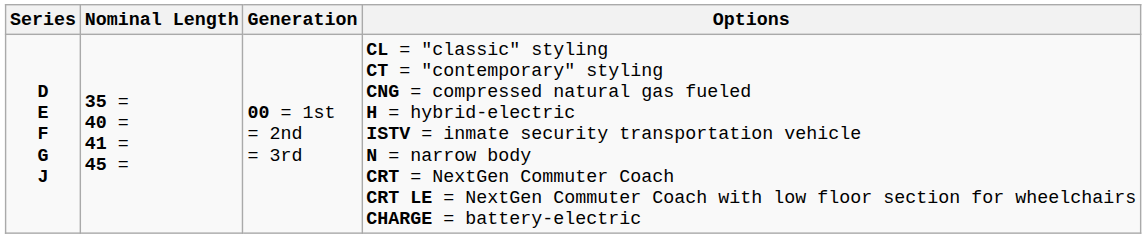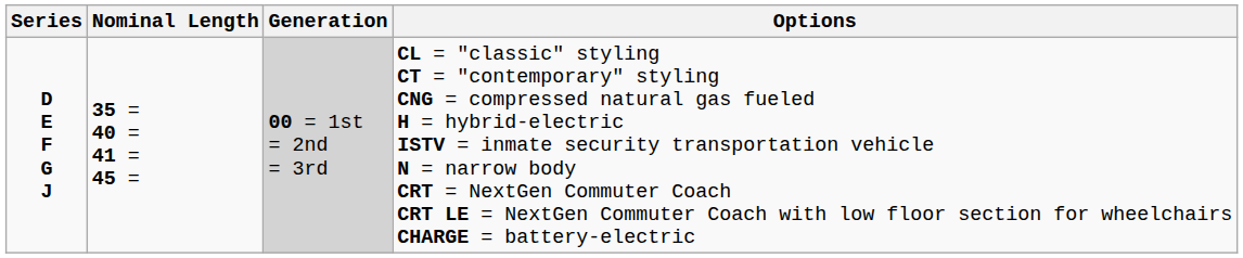 <table class="wikitable" style="margin-left:auto;margin-right:auto;border:none;">
 <tr>
 <th>Series</th>
 <th>Nominal Length</th>
 <th>Generation</th>
 <th>Options</th>
 </tr>
 <tr>
 <td style="text-align:center;"><strong>D</strong><br><strong>E</strong><br><strong>F</strong><br><strong>G</strong><br><strong>J</strong></td>
 <td><strong>35</strong> = <br><strong>40</strong> = <br><strong>41</strong> = <br><strong>45</strong> = </td>
-<td><strong>00</strong> = 1st<br> =  2nd<br> =  3rd</td>
+<td style="background: lightgrey;"><strong>00</strong> = 1st<br> =  2nd<br> =  3rd</td>
 <td><strong>CL</strong> = "classic" styling<br><strong>CT</strong> = "contemporary" styling<br><strong>CNG</strong> = compressed natural gas fueled<br><strong>H</strong> = hybrid-electric<br><strong>ISTV</strong> = inmate security transportation vehicle<br><strong>N</strong> =  narrow body<br><strong>CRT</strong> = NextGen Commuter Coach<br><strong>CRT LE</strong> = NextGen Commuter Coach with low floor section for wheelchairs<br><strong>CHARGE</strong> = battery-electric</td>
 </tr>
 <tr>
 </tr>
 </table>
